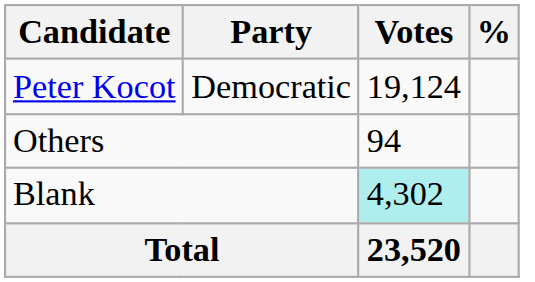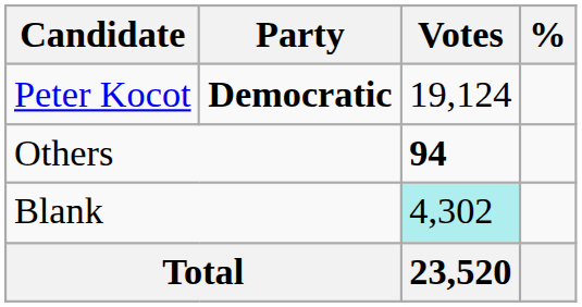 <table class="wikitable">
 <tr>
 <th>Candidate</th>
 <th>Party</th>
 <th>Votes</th>
 <th>%</th>
 </tr>
 <tr>
 <td><a href='#'>Peter Kocot</a></td>
-<td>Democratic</td>
+<td><strong>Democratic</strong></td>
 <td>19,124</td>
 <td></td>
 </tr>
 <tr>
 <td colspan = 2>Others</td>
-<td>94</td>
+<td><strong>94</strong></td>
 <td></td>
 </tr>
 <tr>
 <td colspan = 2>Blank</td>
 <td style="background: paleturquoise;">4,302</td>
 <td></td>
 </tr>
 <tr>
 <th colspan = 2>Total</th>
 <th>23,520</th>
 <th></th>
 </tr>
 </table>
